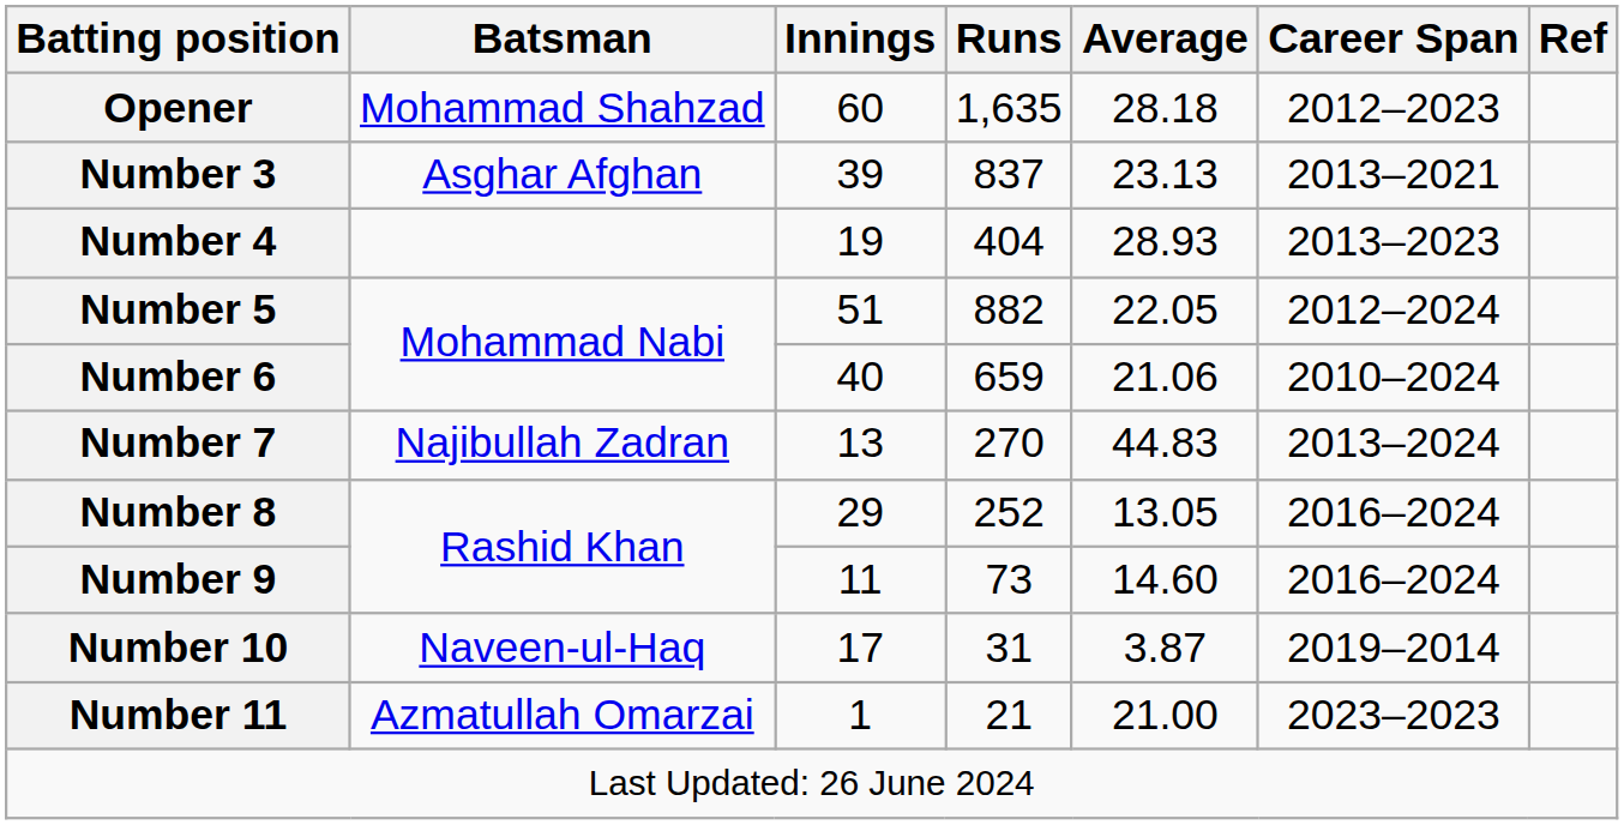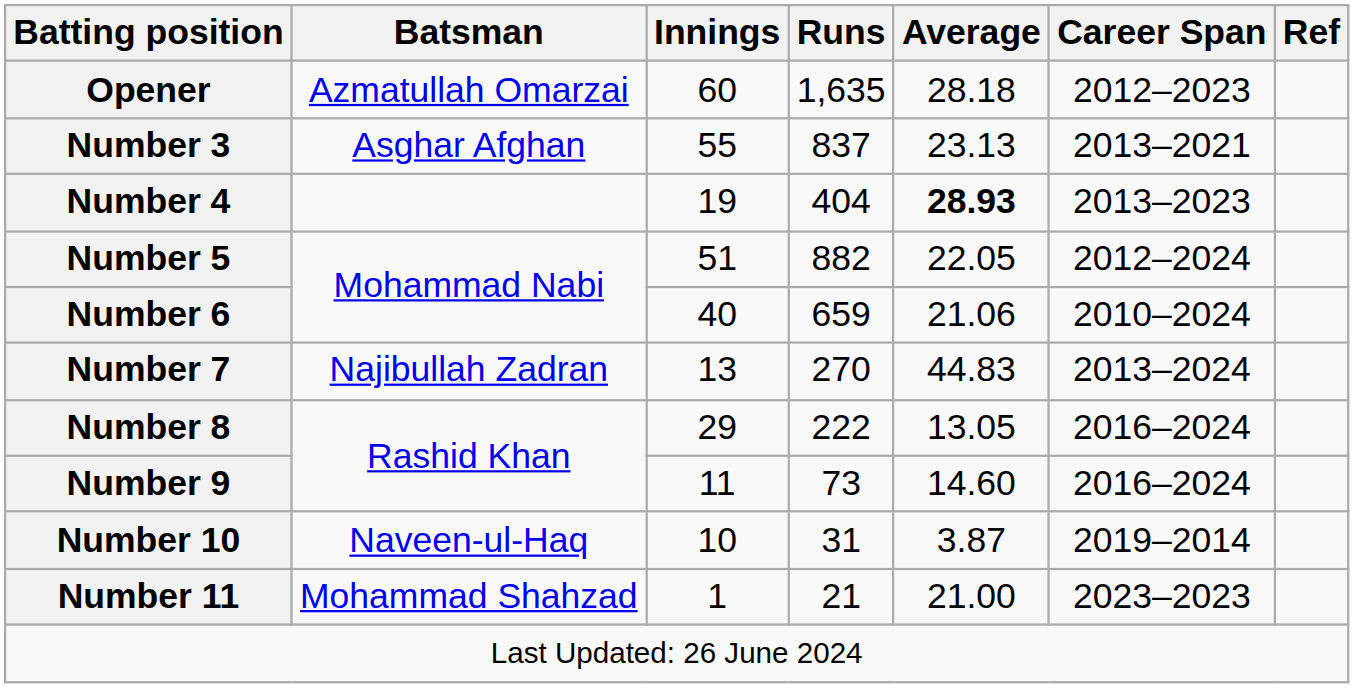 <table class="wikitable sortable" style=text-align:center;>
 <tr>
 <th scope="col">Batting position</th>
 <th scope="col">Batsman</th>
 <th scope="col">Innings</th>
 <th scope="col">Runs</th>
 <th scope="col">Average</th>
 <th scope="col">Career Span</th>
 <th scope="col">Ref</th>
 </tr>
 <tr>
 <th scope=row style=text-align:center;>Opener</th>
-<td><a href='#'>Mohammad Shahzad</a></td>
+<td><a href='#'>Azmatullah Omarzai</a></td>
 <td>60</td>
 <td>1,635</td>
 <td>28.18</td>
 <td>2012–2023</td>
 <td></td>
 </tr>
 <tr>
 <th scope=row style=text-align:center;>Number 3</th>
 <td><a href='#'>Asghar Afghan</a></td>
-<td>39</td>
+<td>55</td>
 <td>837</td>
 <td>23.13</td>
 <td>2013–2021</td>
 <td></td>
 </tr>
 <tr>
 <th scope=row style=text-align:center;>Number 4</th>
 <td></td>
 <td>19</td>
 <td>404</td>
-<td>28.93</td>
+<td><strong>28.93</strong></td>
 <td>2013–2023</td>
 <td></td>
 </tr>
 <tr>
 <th scope=row style=text-align:center;>Number 5</th>
 <td rowspan=2><a href='#'>Mohammad Nabi</a></td>
 <td>51</td>
 <td>882</td>
 <td>22.05</td>
 <td>2012–2024</td>
 <td></td>
 </tr>
 <tr>
 <th scope=row style=text-align:center;>Number 6</th>
 <td>40</td>
 <td>659</td>
 <td>21.06</td>
 <td>2010–2024</td>
 <td></td>
 </tr>
 <tr>
 <th scope=row style=text-align:center;>Number 7</th>
 <td><a href='#'>Najibullah Zadran</a></td>
 <td>13</td>
 <td>270</td>
 <td>44.83</td>
 <td>2013–2024</td>
 <td></td>
 </tr>
 <tr>
 <th scope=row style=text-align:center;>Number 8</th>
 <td rowspan=2><a href='#'>Rashid Khan</a></td>
 <td>29</td>
-<td>252</td>
+<td>222</td>
 <td>13.05</td>
 <td>2016–2024</td>
 <td></td>
 </tr>
 <tr>
 <th scope=row style=text-align:center;>Number 9</th>
 <td>11</td>
 <td>73</td>
 <td>14.60</td>
 <td>2016–2024</td>
 <td></td>
 </tr>
 <tr>
 <th scope="row" style="text-align:center;">Number 10</th>
 <td><a href='#'>Naveen-ul-Haq</a></td>
-<td>17</td>
+<td>10</td>
 <td>31</td>
 <td>3.87</td>
 <td>2019–2014</td>
 <td></td>
 </tr>
 <tr>
 <th scope=row style=text-align:center;>Number 11</th>
-<td><a href='#'>Azmatullah Omarzai</a></td>
+<td><a href='#'>Mohammad Shahzad</a></td>
 <td>1</td>
 <td>21</td>
 <td>21.00</td>
 <td>2023–2023</td>
 <td></td>
 </tr>
 <tr>
 <td colspan=7><small>Last Updated: 26 June 2024</small></td>
 </tr>
 </table>
